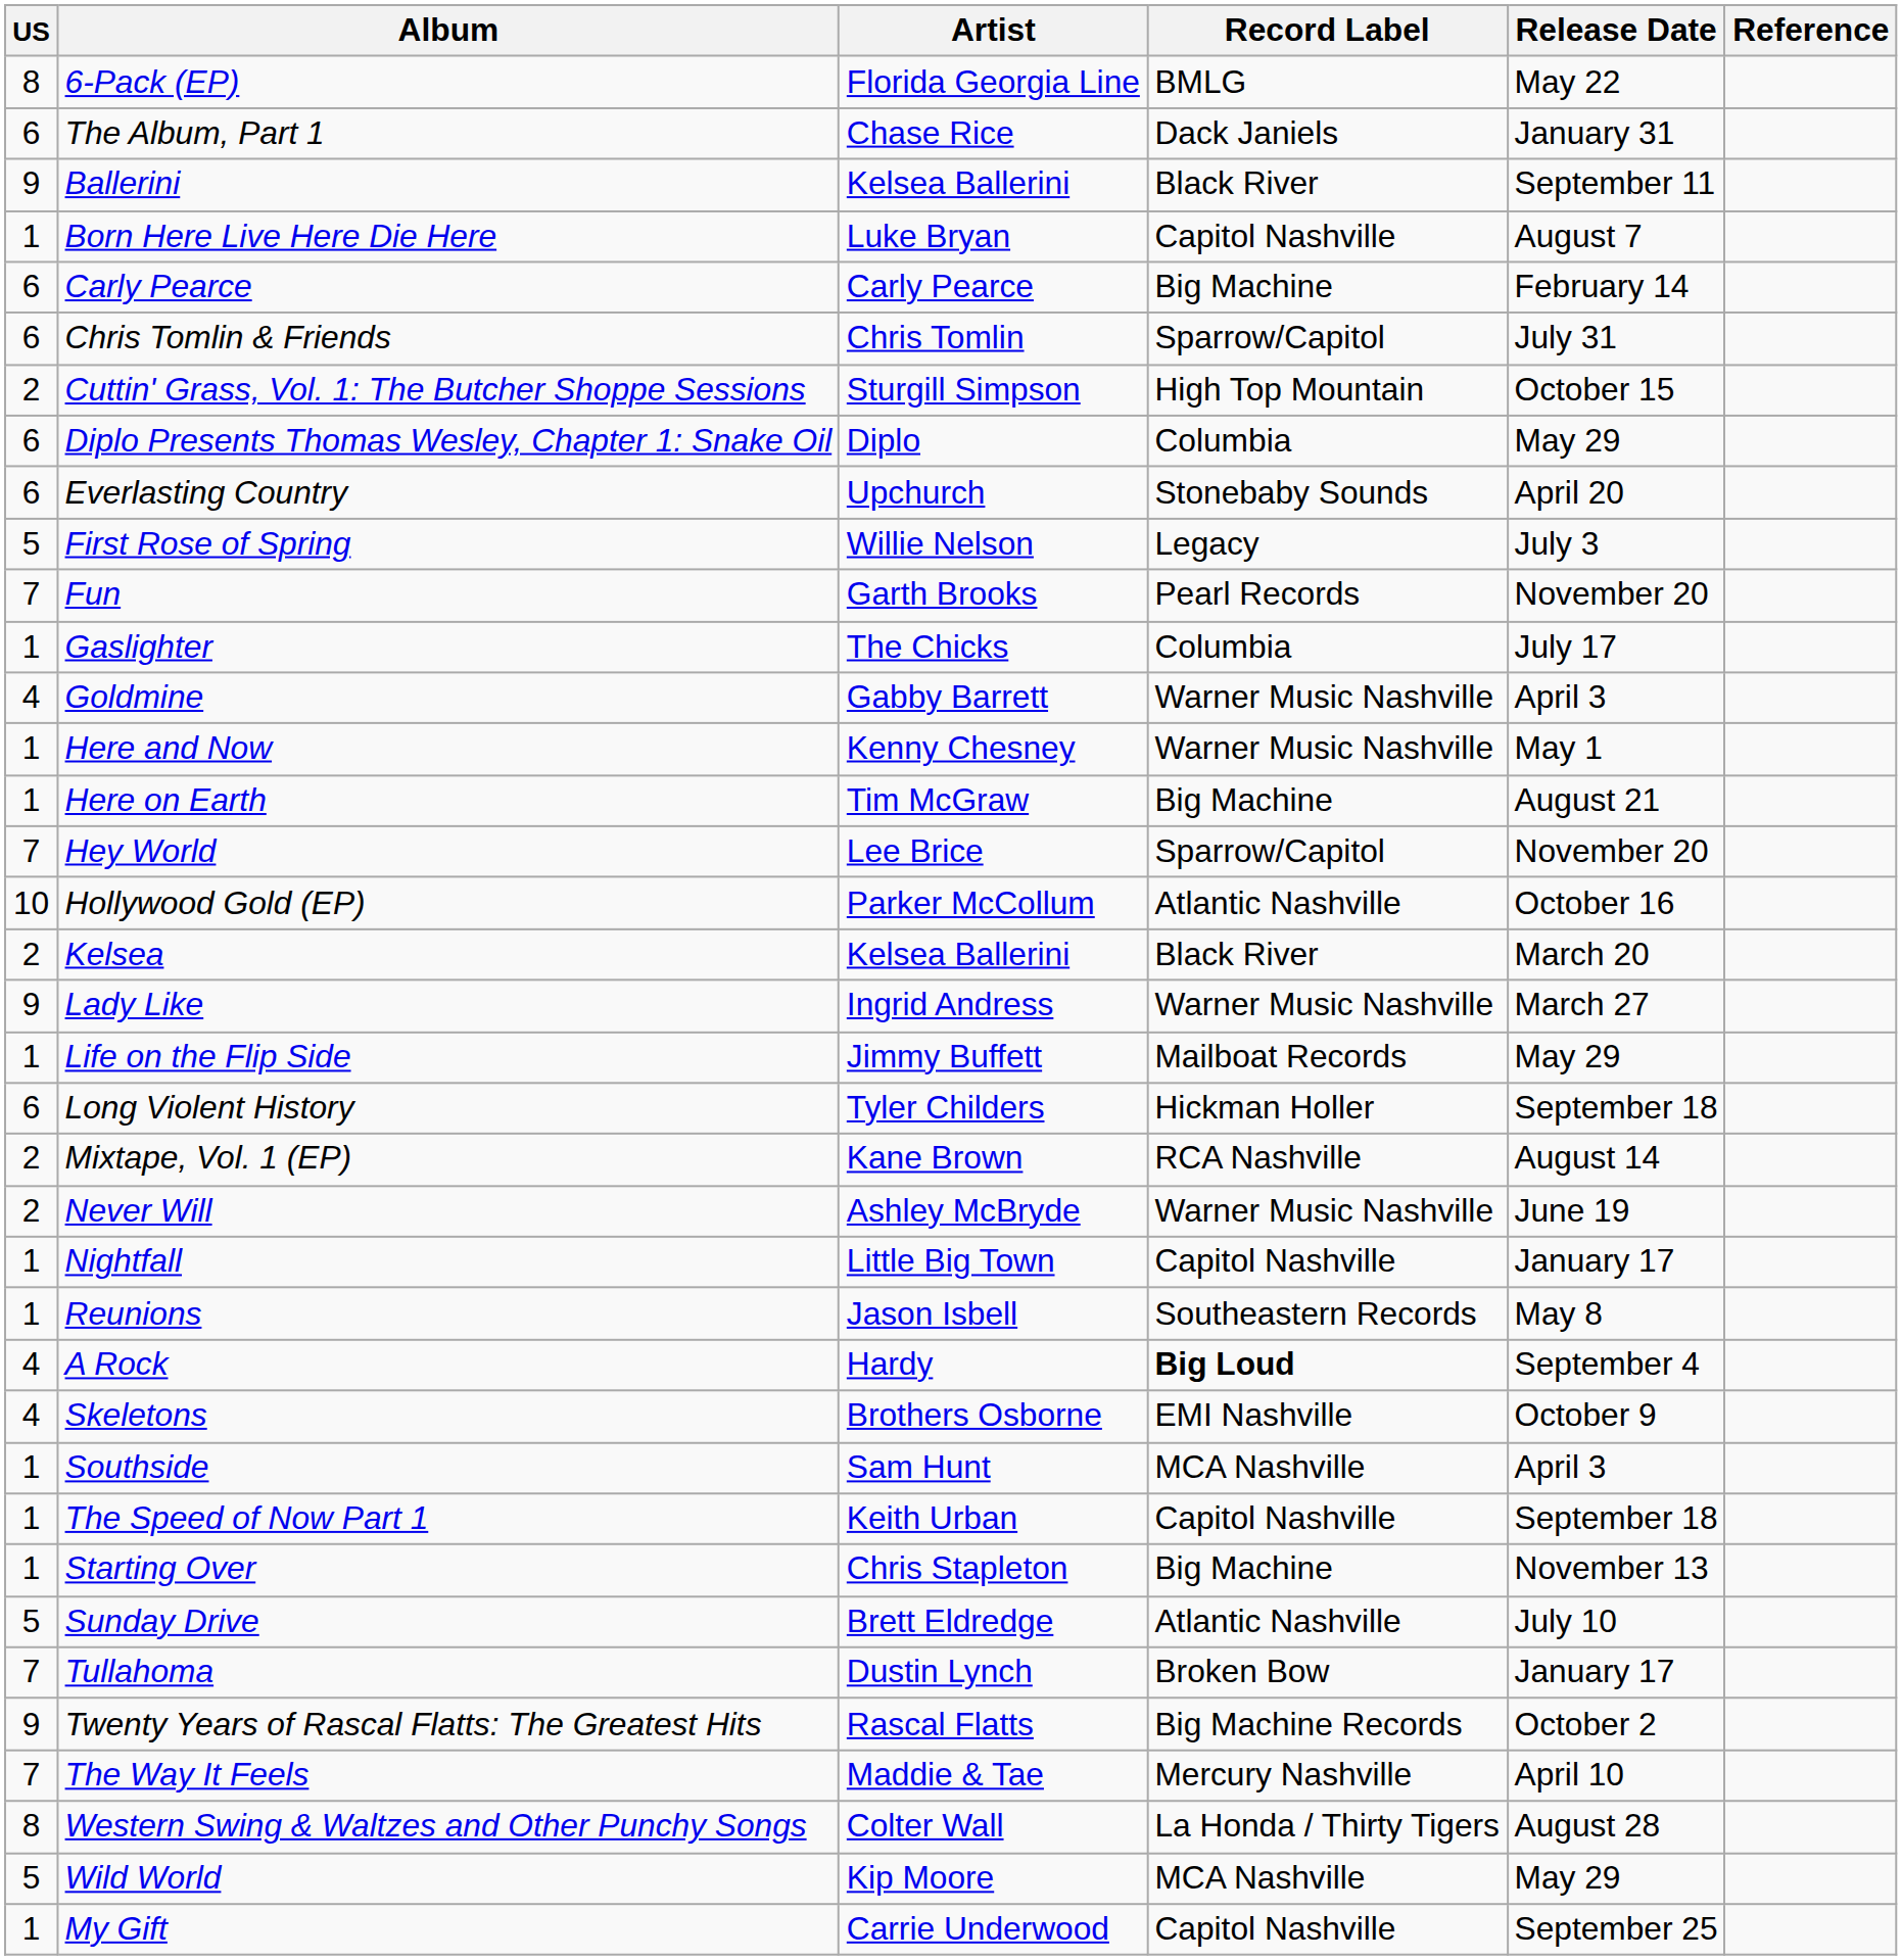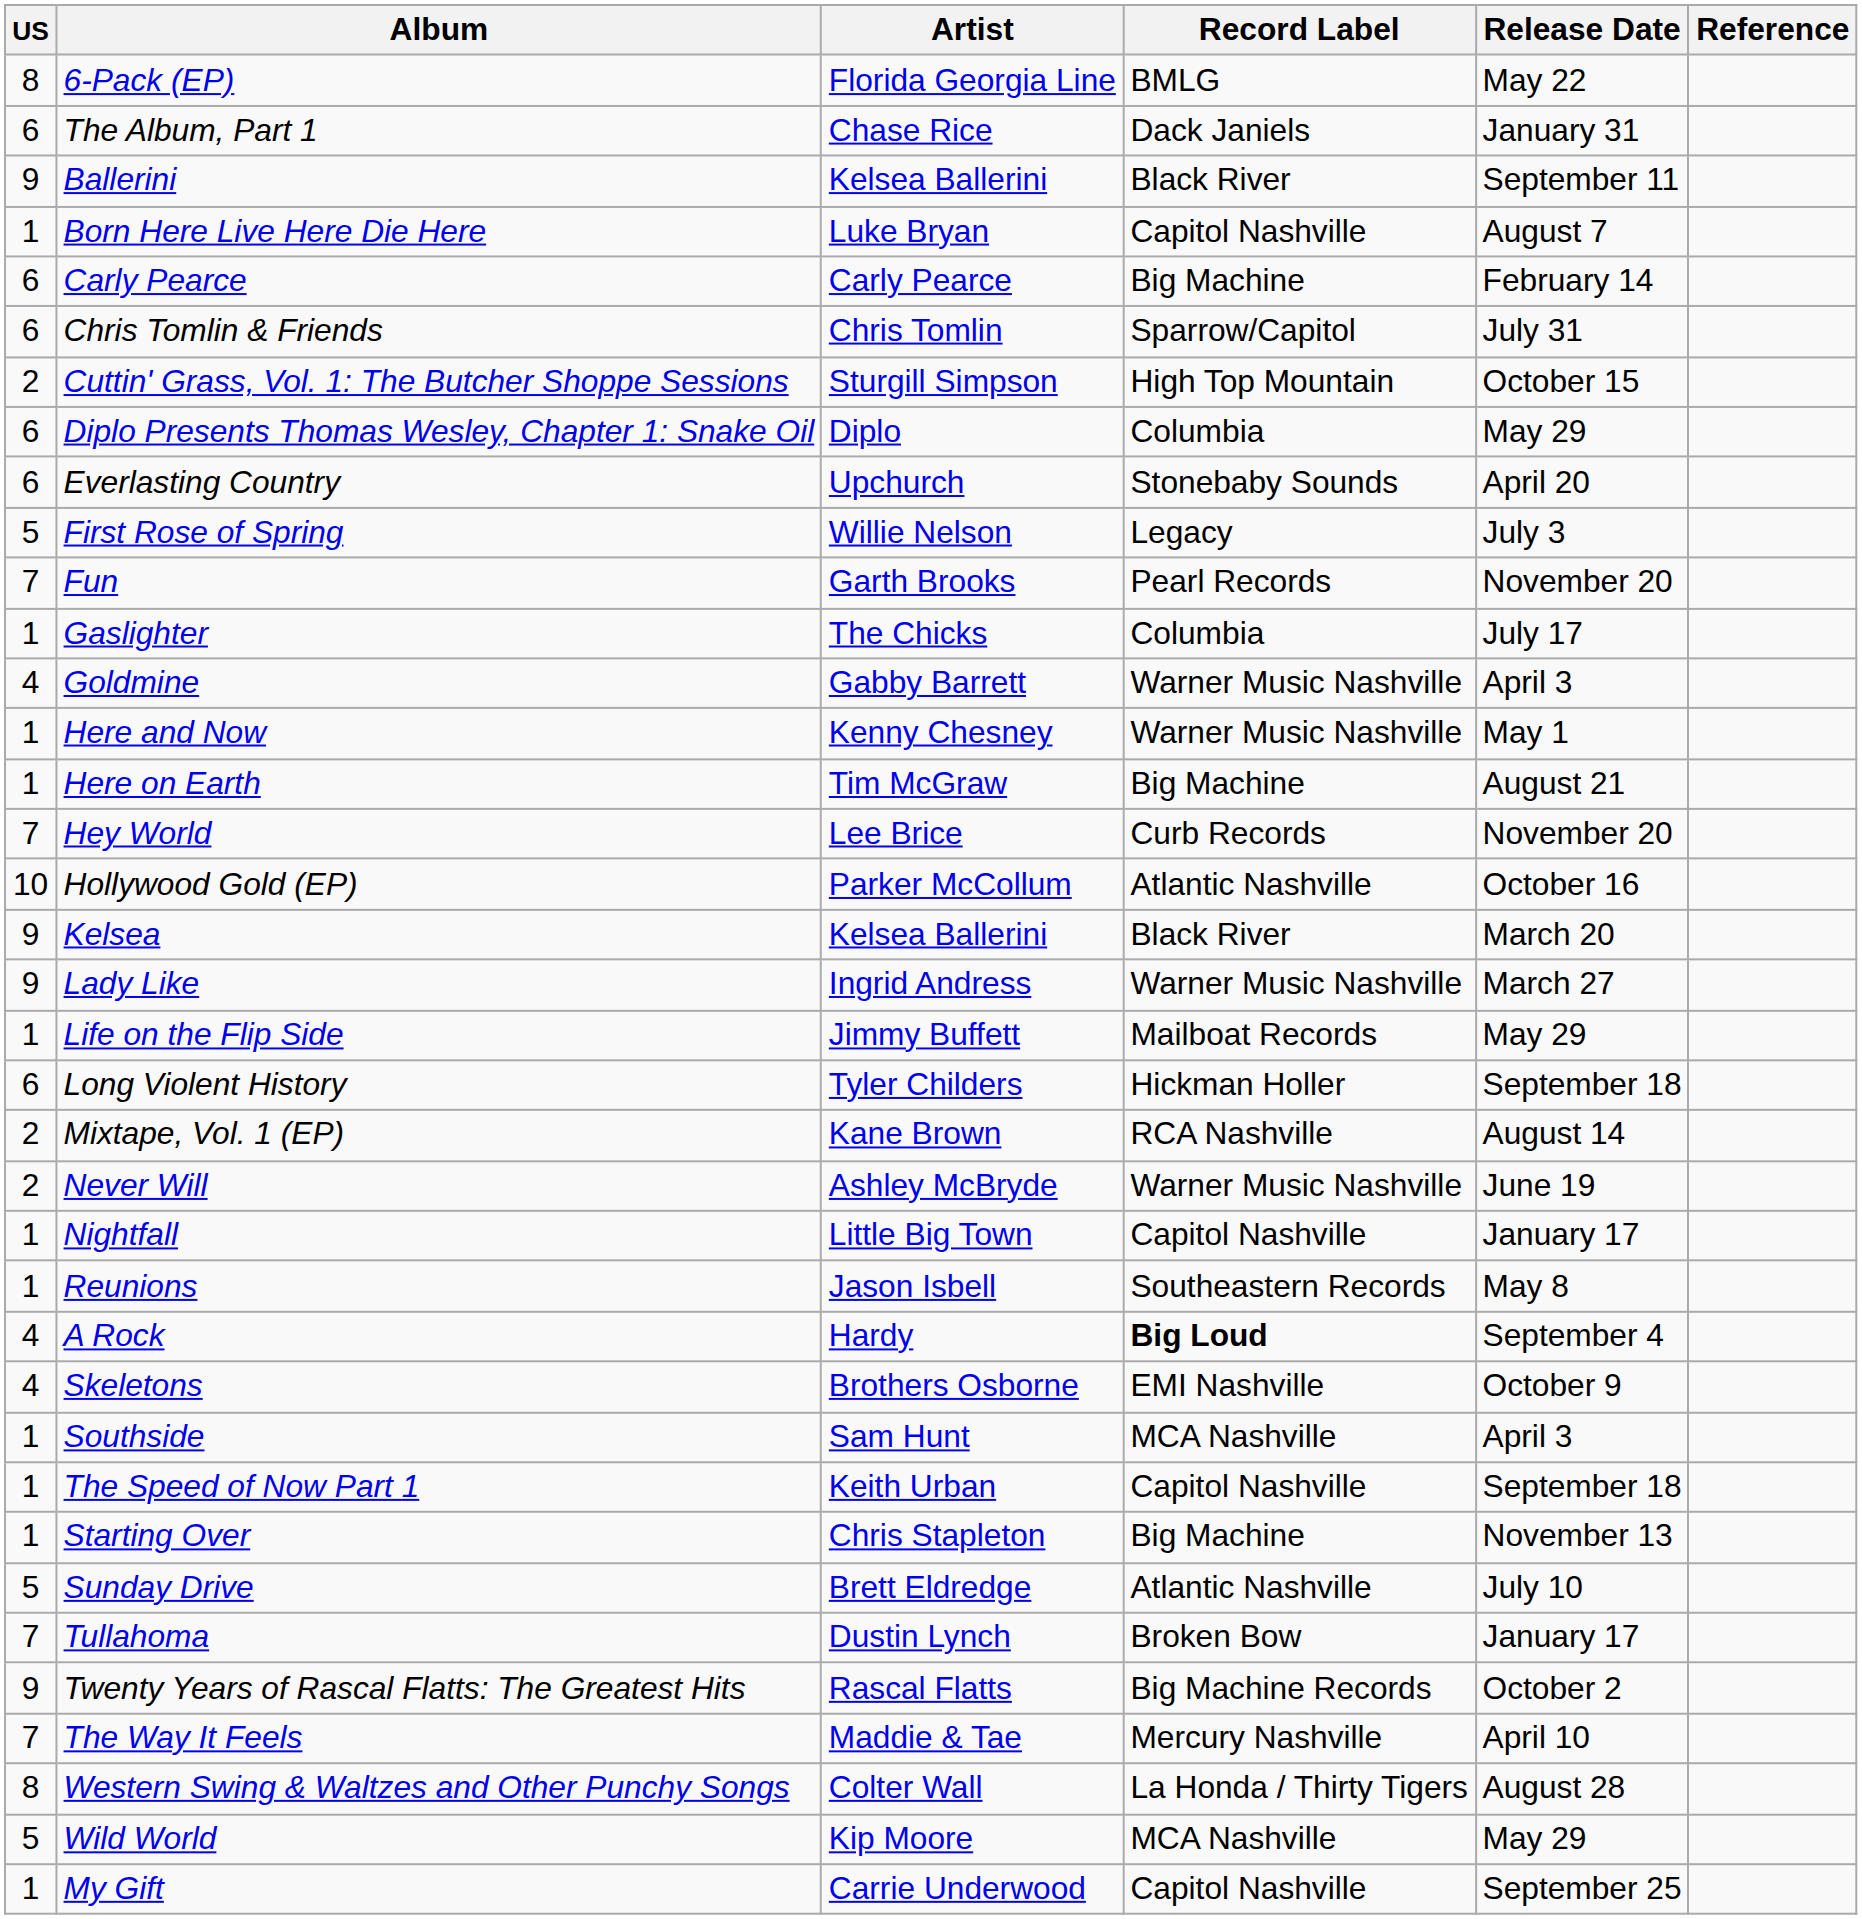 <table class="wikitable sortable">
 <tr>
 <th width=><small>US</small></th>
 <th>Album</th>
 <th>Artist</th>
 <th>Record Label</th>
 <th>Release Date</th>
 <th>Reference</th>
 </tr>
 <tr>
 <td style="text-align:center;">8</td>
 <td><em><a href='#'>6-Pack (EP)</a></em></td>
 <td><a href='#'>Florida Georgia Line</a></td>
 <td>BMLG</td>
 <td>May 22</td>
 <td></td>
 </tr>
 <tr>
 <td style="text-align:center;">6</td>
 <td><em>The Album, Part 1</em></td>
 <td><a href='#'>Chase Rice</a></td>
 <td>Dack Janiels</td>
 <td>January 31</td>
 <td></td>
 </tr>
 <tr>
 <td style="text-align:center;">9</td>
 <td><em><a href='#'>Ballerini</a></em></td>
 <td><a href='#'>Kelsea Ballerini</a></td>
 <td>Black River</td>
 <td>September 11</td>
 <td></td>
 </tr>
 <tr>
 <td style="text-align:center;">1</td>
 <td><em><a href='#'>Born Here Live Here Die Here</a></em></td>
 <td><a href='#'>Luke Bryan</a></td>
 <td>Capitol Nashville</td>
 <td>August 7</td>
 <td></td>
 </tr>
 <tr>
 <td style="text-align:center;">6</td>
 <td><em><a href='#'>Carly Pearce</a></em></td>
 <td><a href='#'>Carly Pearce</a></td>
 <td>Big Machine</td>
 <td>February 14</td>
 <td></td>
 </tr>
 <tr>
 <td style="text-align:center;">6</td>
 <td><em>Chris Tomlin & Friends</em></td>
 <td><a href='#'>Chris Tomlin</a></td>
 <td>Sparrow/Capitol</td>
 <td>July 31</td>
 <td></td>
 </tr>
 <tr>
 <td style="text-align:center;">2</td>
 <td><em><a href='#'>Cuttin' Grass, Vol. 1: The Butcher Shoppe Sessions</a></em></td>
 <td><a href='#'>Sturgill Simpson</a></td>
 <td>High Top Mountain</td>
 <td>October 15</td>
 <td></td>
 </tr>
 <tr>
 <td style="text-align:center;">6</td>
 <td><em><a href='#'>Diplo Presents Thomas Wesley, Chapter 1: Snake Oil</a></em></td>
 <td><a href='#'>Diplo</a></td>
 <td>Columbia</td>
 <td>May 29</td>
 <td></td>
 </tr>
 <tr>
 <td style="text-align:center;">6</td>
 <td><em>Everlasting Country</em></td>
 <td><a href='#'>Upchurch</a></td>
 <td>Stonebaby Sounds</td>
 <td>April 20</td>
 <td></td>
 </tr>
 <tr>
 <td style="text-align:center;">5</td>
 <td><em><a href='#'>First Rose of Spring</a></em></td>
 <td><a href='#'>Willie Nelson</a></td>
 <td>Legacy</td>
 <td>July 3</td>
 <td></td>
 </tr>
 <tr>
 <td style="text-align:center;">7</td>
 <td><em><a href='#'>Fun</a></em></td>
 <td><a href='#'>Garth Brooks</a></td>
 <td>Pearl Records</td>
 <td>November 20</td>
 <td></td>
 </tr>
 <tr>
 <td style="text-align:center;">1</td>
 <td><em><a href='#'>Gaslighter</a></em></td>
 <td><a href='#'>The Chicks</a></td>
 <td>Columbia</td>
 <td>July 17</td>
 <td></td>
 </tr>
 <tr>
 <td style="text-align:center;">4</td>
 <td><em><a href='#'>Goldmine</a></em></td>
 <td><a href='#'>Gabby Barrett</a></td>
 <td>Warner Music Nashville</td>
 <td>April 3</td>
 <td></td>
 </tr>
 <tr>
 <td style="text-align:center;">1</td>
 <td><em><a href='#'>Here and Now</a></em></td>
 <td><a href='#'>Kenny Chesney</a></td>
 <td>Warner Music Nashville</td>
 <td>May 1</td>
 <td></td>
 </tr>
 <tr>
 <td style="text-align:center;">1</td>
 <td><em><a href='#'>Here on Earth</a></em></td>
 <td><a href='#'>Tim McGraw</a></td>
 <td>Big Machine</td>
 <td>August 21</td>
 <td></td>
 </tr>
 <tr>
 <td style="text-align:center;">7</td>
 <td><em><a href='#'>Hey World</a></em></td>
 <td><a href='#'>Lee Brice</a></td>
-<td>Sparrow/Capitol</td>
+<td>Curb Records</td>
 <td>November 20</td>
 <td></td>
 </tr>
 <tr>
 <td style="text-align:center;">10</td>
 <td><em>Hollywood Gold (EP)</em></td>
 <td><a href='#'>Parker McCollum</a></td>
 <td>Atlantic Nashville</td>
 <td>October 16</td>
 <td></td>
 </tr>
 <tr>
-<td style="text-align:center;">2</td>
+<td style="text-align:center;">9</td>
 <td><em><a href='#'>Kelsea</a></em></td>
 <td><a href='#'>Kelsea Ballerini</a></td>
 <td>Black River</td>
 <td>March 20</td>
 <td></td>
 </tr>
 <tr>
 <td style="text-align:center;">9</td>
 <td><em><a href='#'>Lady Like</a></em></td>
 <td><a href='#'>Ingrid Andress</a></td>
 <td>Warner Music Nashville</td>
 <td>March 27</td>
 <td></td>
 </tr>
 <tr>
 <td style="text-align:center;">1</td>
 <td><em><a href='#'>Life on the Flip Side</a></em></td>
 <td><a href='#'>Jimmy Buffett</a></td>
 <td>Mailboat Records</td>
 <td>May 29</td>
 <td></td>
 </tr>
 <tr>
 <td style="text-align:center;">6</td>
 <td><em>Long Violent History</em></td>
 <td><a href='#'>Tyler Childers</a></td>
 <td>Hickman Holler</td>
 <td>September 18</td>
 <td></td>
 </tr>
 <tr>
 <td style="text-align:center;">2</td>
 <td><em>Mixtape, Vol. 1 (EP)</em></td>
 <td><a href='#'>Kane Brown</a></td>
 <td>RCA Nashville</td>
 <td>August 14</td>
 <td></td>
 </tr>
 <tr>
 <td style="text-align:center;">2</td>
 <td><em><a href='#'>Never Will</a></em></td>
 <td><a href='#'>Ashley McBryde</a></td>
 <td>Warner Music Nashville</td>
 <td>June 19</td>
 <td></td>
 </tr>
 <tr>
 <td style="text-align:center;">1</td>
 <td><em><a href='#'>Nightfall</a></em></td>
 <td><a href='#'>Little Big Town</a></td>
 <td>Capitol Nashville</td>
 <td>January 17</td>
 <td></td>
 </tr>
 <tr>
 <td style="text-align:center;">1</td>
 <td><em><a href='#'>Reunions</a></em></td>
 <td><a href='#'>Jason Isbell</a></td>
 <td>Southeastern Records</td>
 <td>May 8</td>
 <td></td>
 </tr>
 <tr>
 <td style="text-align:center;">4</td>
 <td><em><a href='#'>A Rock</a></em></td>
 <td><a href='#'>Hardy</a></td>
 <td><strong>Big Loud</strong></td>
 <td>September 4</td>
 <td></td>
 </tr>
 <tr>
 <td style="text-align:center;">4</td>
 <td><em><a href='#'>Skeletons</a></em></td>
 <td><a href='#'>Brothers Osborne</a></td>
 <td>EMI Nashville</td>
 <td>October 9</td>
 <td></td>
 </tr>
 <tr>
 <td style="text-align:center;">1</td>
 <td><em><a href='#'>Southside</a></em></td>
 <td><a href='#'>Sam Hunt</a></td>
 <td>MCA Nashville</td>
 <td>April 3</td>
 <td></td>
 </tr>
 <tr>
 <td style="text-align:center;">1</td>
 <td><em><a href='#'>The Speed of Now Part 1</a></em></td>
 <td><a href='#'>Keith Urban</a></td>
 <td>Capitol Nashville</td>
 <td>September 18</td>
 <td></td>
 </tr>
 <tr>
 <td style="text-align:center;">1</td>
 <td><em><a href='#'>Starting Over</a></em></td>
 <td><a href='#'>Chris Stapleton</a></td>
 <td>Big Machine</td>
 <td>November 13</td>
 <td></td>
 </tr>
 <tr>
 <td style="text-align:center;">5</td>
 <td><em><a href='#'>Sunday Drive</a></em></td>
 <td><a href='#'>Brett Eldredge</a></td>
 <td>Atlantic Nashville</td>
 <td>July 10</td>
 <td></td>
 </tr>
 <tr>
 <td style="text-align:center;">7</td>
 <td><em><a href='#'>Tullahoma</a></em></td>
 <td><a href='#'>Dustin Lynch</a></td>
 <td>Broken Bow</td>
 <td>January 17</td>
 <td></td>
 </tr>
 <tr>
 <td style="text-align:center;">9</td>
 <td><em>Twenty Years of Rascal Flatts: The Greatest Hits</em></td>
 <td><a href='#'>Rascal Flatts</a></td>
 <td>Big Machine Records</td>
 <td>October 2</td>
 <td></td>
 </tr>
 <tr>
 <td style="text-align:center;">7</td>
 <td><em><a href='#'>The Way It Feels</a></em></td>
 <td><a href='#'>Maddie & Tae</a></td>
 <td>Mercury Nashville</td>
 <td>April 10</td>
 <td></td>
 </tr>
 <tr>
 <td style="text-align:center;">8</td>
 <td><em><a href='#'>Western Swing & Waltzes and Other Punchy Songs</a></em></td>
 <td><a href='#'>Colter Wall</a></td>
 <td>La Honda / Thirty Tigers</td>
 <td>August 28</td>
 <td></td>
 </tr>
 <tr>
 <td style="text-align:center;">5</td>
 <td><em><a href='#'>Wild World</a></em></td>
 <td><a href='#'>Kip Moore</a></td>
 <td>MCA Nashville</td>
 <td>May 29</td>
 <td></td>
 </tr>
 <tr>
 <td style="text-align:center;">1</td>
 <td><em><a href='#'>My Gift</a></em></td>
 <td><a href='#'>Carrie Underwood</a></td>
 <td>Capitol Nashville</td>
 <td>September 25</td>
 <td></td>
 </tr>
 </table>
